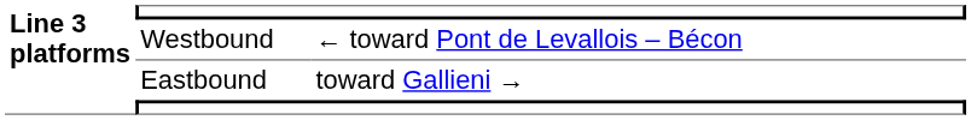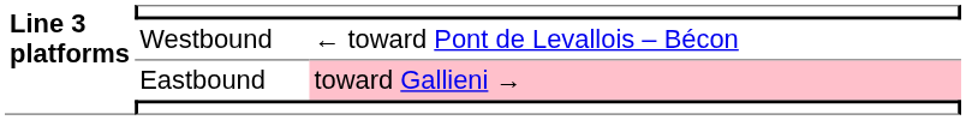 <table border=0 cellspacing=0 cellpadding=3>
 <tr>
 <td style="border-bottom:solid 1px gray;" width=50 rowspan=10 valign=top><strong>Line 3 platforms</strong></td>
 <td style="border-top:solid 1px gray;border-right:solid 2px black;border-left:solid 2px black;border-bottom:solid 2px black;text-align:center;" colspan=2></td>
 </tr>
 <tr>
 <td style="border-bottom:solid 1px gray;" width=100>Westbound</td>
 <td style="border-bottom:solid 1px gray;" width=390>←   toward <a href='#'>Pont de Levallois – Bécon</a> </td>
 </tr>
 <tr>
 <td>Eastbound</td>
-<td>   toward <a href='#'>Gallieni</a>  →</td>
+<td style="background: pink;">   toward <a href='#'>Gallieni</a>  →</td>
 </tr>
 <tr>
 <td style="border-top:solid 2px black;border-right:solid 2px black;border-left:solid 2px black;border-bottom:solid 1px gray;text-align:center;" colspan=2></td>
 </tr>
 </table>
